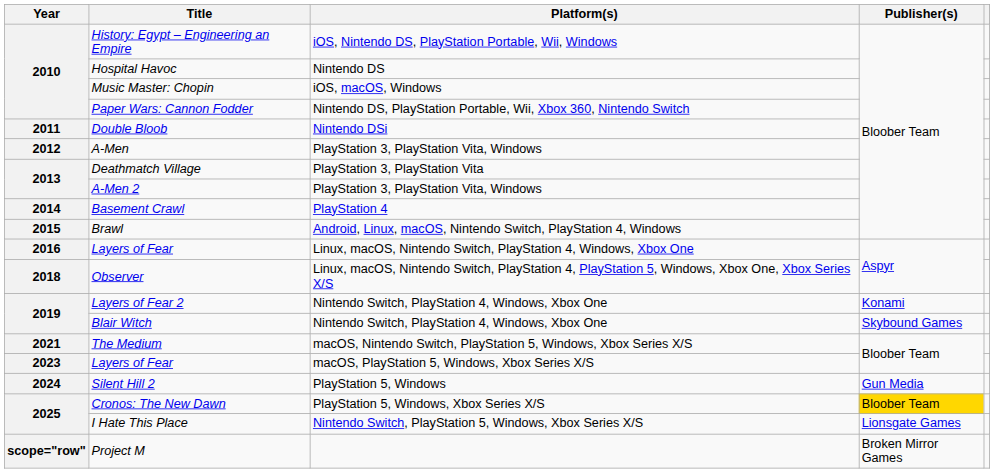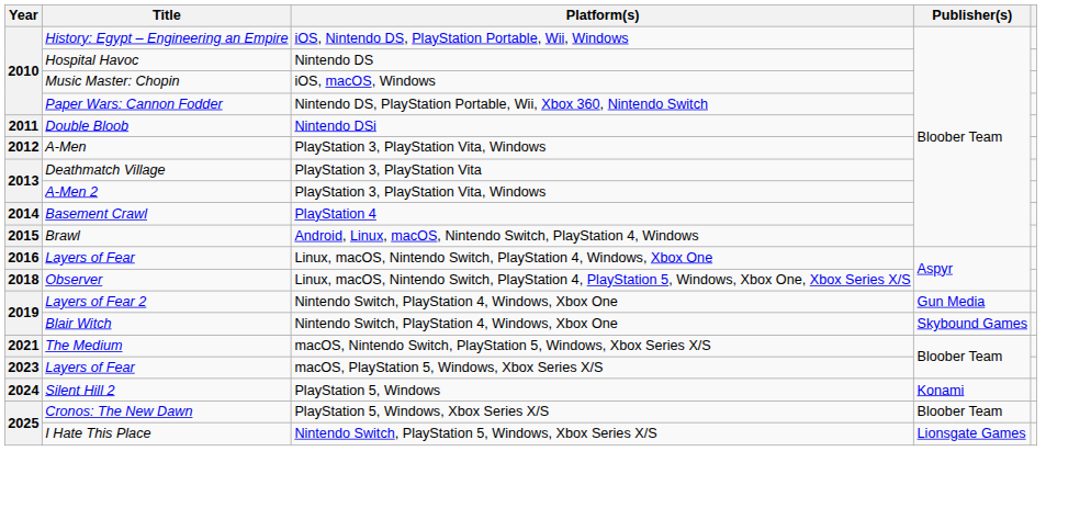 <table class="wikitable sortable plainrowheaders">
 <tr>
 <th scope="col">Year</th>
 <th scope="col">Title</th>
 <th scope="col">Platform(s)</th>
 <th scope="col">Publisher(s)</th>
 <th scope="col" class="unsortable"></th>
 </tr>
 <tr>
 <th scope="row" rowspan="4">2010</th>
 <td><em><a href='#'>History: Egypt – Engineering an Empire</a></em></td>
 <td><a href='#'>iOS</a>, <a href='#'>Nintendo DS</a>, <a href='#'>PlayStation Portable</a>, <a href='#'>Wii</a>, <a href='#'>Windows</a></td>
 <td rowspan="10">Bloober Team</td>
 <td></td>
 </tr>
 <tr>
 <td><em>Hospital Havoc</em></td>
 <td>Nintendo DS</td>
 <td></td>
 </tr>
 <tr>
 <td><em>Music Master: Chopin</em></td>
 <td>iOS, <a href='#'>macOS</a>, Windows</td>
 <td></td>
 </tr>
 <tr>
 <td><em><a href='#'>Paper Wars: Cannon Fodder</a></em></td>
 <td>Nintendo DS, PlayStation Portable, Wii, <a href='#'>Xbox 360</a>, <a href='#'>Nintendo Switch</a></td>
 <td></td>
 </tr>
 <tr>
 <th scope="row">2011</th>
 <td><em><a href='#'>Double Bloob</a></em></td>
 <td><a href='#'>Nintendo DSi</a></td>
 <td></td>
 </tr>
 <tr>
 <th scope="row">2012</th>
 <td><em>A-Men</em></td>
 <td>PlayStation 3, PlayStation Vita, Windows</td>
 <td></td>
 </tr>
 <tr>
 <th scope="row" rowspan="2">2013</th>
 <td><em>Deathmatch Village</em></td>
 <td>PlayStation 3, PlayStation Vita</td>
 <td></td>
 </tr>
 <tr>
 <td><em><a href='#'>A-Men 2</a></em></td>
 <td>PlayStation 3, PlayStation Vita, Windows</td>
 <td></td>
 </tr>
 <tr>
 <th scope="row">2014</th>
 <td><em><a href='#'>Basement Crawl</a></em></td>
 <td><a href='#'>PlayStation 4</a></td>
 <td></td>
 </tr>
 <tr>
 <th scope="row">2015</th>
 <td><em>Brawl</em></td>
 <td><a href='#'>Android</a>, <a href='#'>Linux</a>, <a href='#'>macOS</a>, Nintendo Switch, PlayStation 4, Windows</td>
 <td></td>
 </tr>
 <tr>
 <th scope="row">2016</th>
 <td><em><a href='#'>Layers of Fear</a></em></td>
 <td>Linux, macOS, Nintendo Switch, PlayStation 4, Windows, <a href='#'>Xbox One</a></td>
 <td rowspan="2"><a href='#'>Aspyr</a></td>
 <td></td>
 </tr>
 <tr>
 <th scope="row">2018</th>
 <td><em><a href='#'>Observer</a></em></td>
 <td>Linux, macOS, Nintendo Switch, PlayStation 4, <a href='#'>PlayStation 5</a>, Windows, Xbox One, <a href='#'>Xbox Series X/S</a></td>
 <td></td>
 </tr>
 <tr>
 <th scope="row" rowspan="2">2019</th>
 <td><em><a href='#'>Layers of Fear 2</a></em></td>
 <td>Nintendo Switch, PlayStation 4, Windows, Xbox One</td>
-<td><a href='#'>Konami</a></td>
+<td><a href='#'>Gun Media</a></td>
 <td></td>
 </tr>
 <tr>
 <td><em><a href='#'>Blair Witch</a></em></td>
 <td>Nintendo Switch, PlayStation 4, Windows, Xbox One</td>
 <td><a href='#'>Skybound Games</a></td>
 <td></td>
 </tr>
 <tr>
 <th scope="row">2021</th>
 <td><em><a href='#'>The Medium</a></em></td>
 <td>macOS, Nintendo Switch, PlayStation 5, Windows, Xbox Series X/S</td>
 <td rowspan="2">Bloober Team</td>
 <td></td>
 </tr>
 <tr>
 <th scope="row">2023</th>
 <td><em><a href='#'>Layers of Fear</a></em></td>
 <td>macOS, PlayStation 5, Windows, Xbox Series X/S</td>
 <td></td>
 </tr>
 <tr>
 <th scope="row">2024</th>
 <td><em><a href='#'>Silent Hill 2</a></em></td>
 <td>PlayStation 5, Windows</td>
-<td><a href='#'>Gun Media</a></td>
+<td><a href='#'>Konami</a></td>
 <td></td>
 </tr>
 <tr>
 <th scope="row" rowspan="2">2025</th>
 <td><em><a href='#'>Cronos: The New Dawn</a></em></td>
 <td>PlayStation 5, Windows, Xbox Series X/S</td>
-<td style="background: gold;">Bloober Team</td>
+<td>Bloober Team</td>
 <td></td>
 </tr>
 <tr>
 <td><em>I Hate This Place</em></td>
 <td><a href='#'>Nintendo Switch</a>, PlayStation 5, Windows, Xbox Series X/S</td>
 <td><a href='#'>Lionsgate Games</a></td>
 <td></td>
 </tr>
-<tr>
-<th>scope="row" </th>
-<td><em>Project M</em></td>
-<td></td>
-<td>Broken Mirror Games</td>
-<td></td>
-</tr>
 </table>
